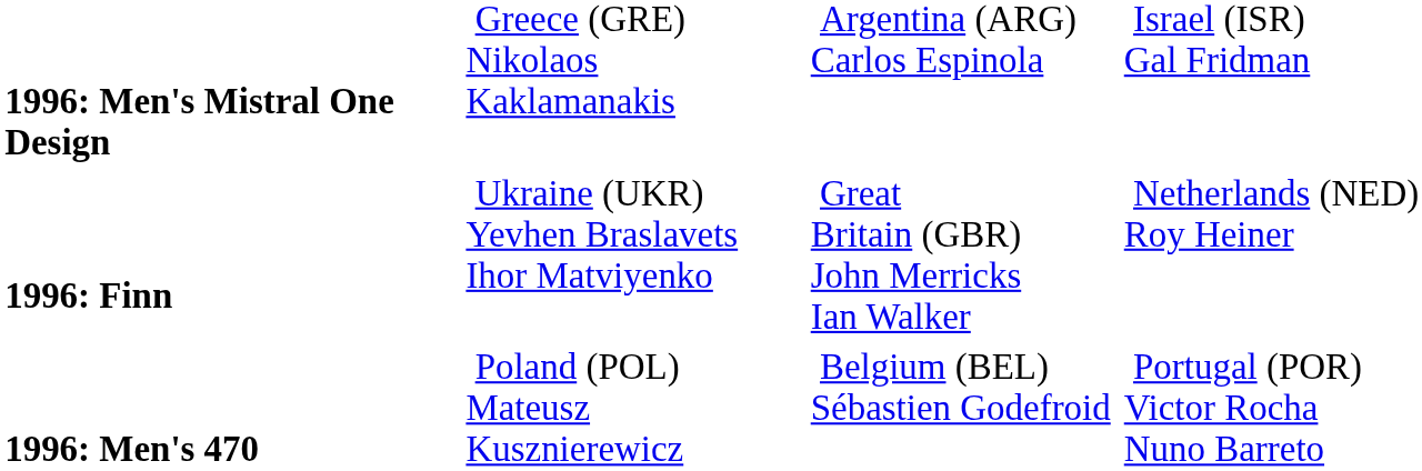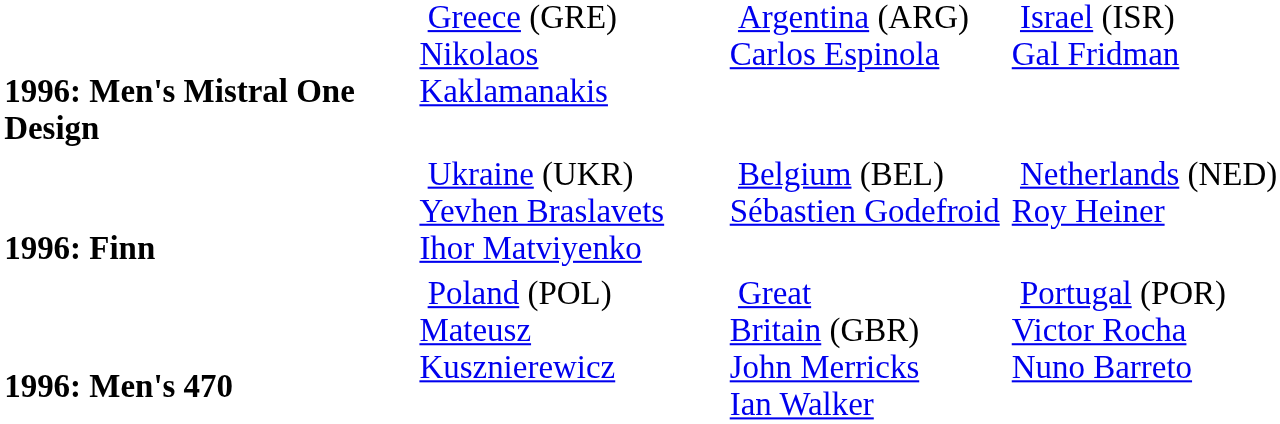 <table>
 <tr>
 <td style="align:center;"><br><br><strong>1996: Men's Mistral One Design</strong> <br></td>
 <td style="vertical-align:top;"> <a href='#'>Greece</a> <span>(GRE)</span><br><a href='#'>Nikolaos Kaklamanakis</a></td>
 <td style="vertical-align:top;"> <a href='#'>Argentina</a> <span>(ARG)</span><br><a href='#'>Carlos Espinola</a></td>
 <td style="vertical-align:top;"> <a href='#'>Israel</a> <span>(ISR)</span><br><a href='#'>Gal Fridman</a></td>
 </tr>
 <tr>
 <td style="align:center;"><br><br><strong>1996: Finn</strong> <br></td>
 <td style="vertical-align:top;"> <a href='#'>Ukraine</a> <span>(UKR)</span><br><a href='#'>Yevhen Braslavets</a><br><a href='#'>Ihor Matviyenko</a></td>
-<td style="vertical-align:top;"> <a href='#'>Great Britain</a> <span>(GBR)</span><br><a href='#'>John Merricks</a><br><a href='#'>Ian Walker</a></td>
+<td style="vertical-align:top;"> <a href='#'>Belgium</a> <span>(BEL)</span><br><a href='#'>Sébastien Godefroid</a></td>
 <td style="vertical-align:top;"> <a href='#'>Netherlands</a> <span>(NED)</span><br><a href='#'>Roy Heiner</a></td>
 </tr>
 <tr>
 <td style="align:center;"><br><br><strong>1996: Men's 470</strong> <br></td>
 <td style="vertical-align:top;"> <a href='#'>Poland</a> <span>(POL)</span><br><a href='#'>Mateusz Kusznierewicz</a></td>
-<td style="vertical-align:top;"> <a href='#'>Belgium</a> <span>(BEL)</span><br><a href='#'>Sébastien Godefroid</a></td>
+<td style="vertical-align:top;"> <a href='#'>Great Britain</a> <span>(GBR)</span><br><a href='#'>John Merricks</a><br><a href='#'>Ian Walker</a></td>
 <td style="vertical-align:top;"> <a href='#'>Portugal</a> <span>(POR)</span><br><a href='#'>Victor Rocha</a><br><a href='#'>Nuno Barreto</a></td>
 </tr>
 </table>
